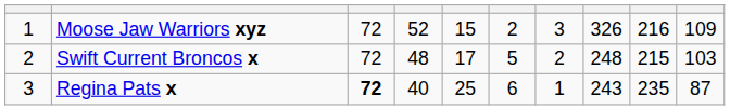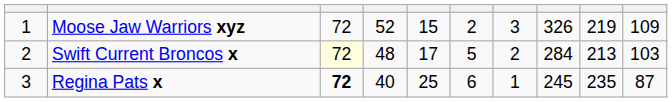 <table class="wikitable sortable">
 <tr>
 <th style="width:2em"></th>
 <th style="width:15em;" class="unsortable"></th>
 <th style="width:2em;"></th>
 <th style="width:2em;"></th>
 <th style="width:2em;"></th>
 <th style="width:2em;"></th>
 <th style="width:2em;"></th>
 <th style="width:2em;"></th>
 <th style="width:2em;"></th>
 <th style="width:2em;"></th>
 </tr>
 <tr style="font-weight: ; text-align: center;">
 <td>1</td>
 <td style="text-align:left;"><a href='#'>Moose Jaw Warriors</a> <strong>xyz</strong></td>
 <td>72</td>
 <td>52</td>
 <td>15</td>
 <td>2</td>
 <td>3</td>
 <td>326</td>
-<td>216</td>
+<td>219</td>
 <td>109</td>
 </tr>
 <tr style="font-weight: ; text-align: center;">
 <td>2</td>
 <td style="text-align:left;"><a href='#'>Swift Current Broncos</a> <strong>x</strong></td>
-<td>72</td>
+<td style="background: lightyellow;">72</td>
 <td>48</td>
 <td>17</td>
 <td>5</td>
 <td>2</td>
-<td>248</td>
-<td>215</td>
+<td>284</td>
+<td>213</td>
 <td>103</td>
 </tr>
 <tr style="font-weight: ; text-align: center;">
 <td>3</td>
 <td style="text-align:left;"><a href='#'>Regina Pats</a> <strong>x</strong></td>
 <td><strong>72</strong></td>
 <td>40</td>
 <td>25</td>
 <td>6</td>
 <td>1</td>
-<td>243</td>
+<td>245</td>
 <td>235</td>
 <td>87</td>
 </tr>
 </table>
